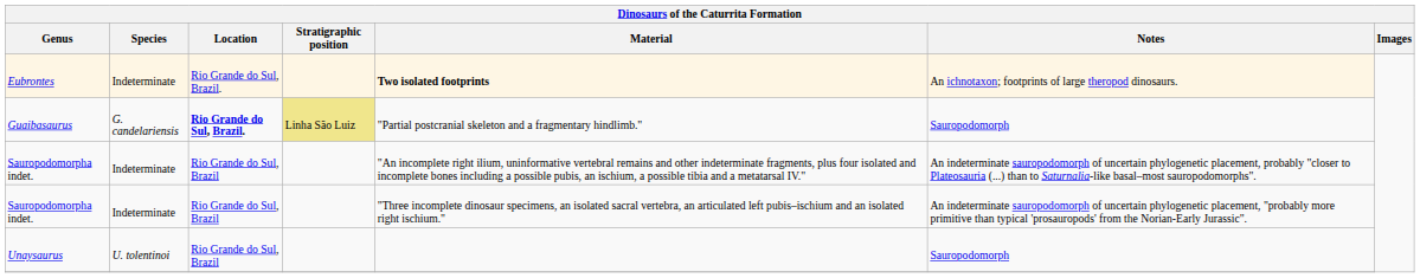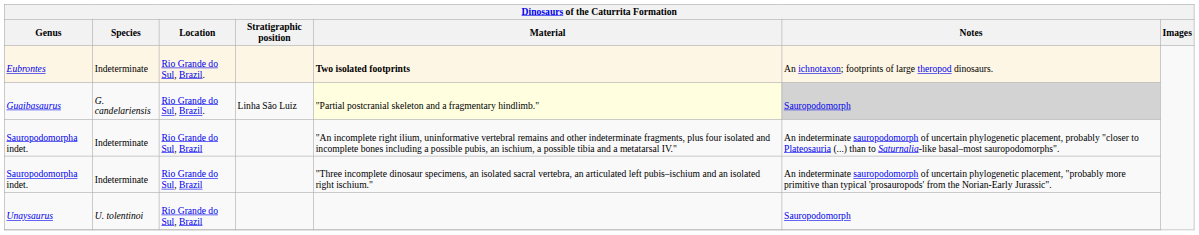 <table class="wikitable" align="center" width="100%">
 <tr>
 <th colspan="7" align="center"><strong><a href='#'>Dinosaurs</a> of the Caturrita Formation</strong></th>
 </tr>
 <tr>
 <th>Genus</th>
 <th>Species</th>
 <th>Location</th>
 <th>Stratigraphic position</th>
 <th>Material</th>
 <th>Notes</th>
 <th>Images</th>
 </tr>
 <tr>
 <td style="background:#FEF6E4;"><br><em><a href='#'>Eubrontes</a></em></td>
 <td style="background:#FEF6E4;"><br>Indeterminate</td>
 <td style="background:#FEF6E4;"><br><a href='#'>Rio Grande do Sul</a>, <a href='#'>Brazil</a>.</td>
 <td style="background:#FEF6E4;"></td>
 <td style="background:#FEF6E4;"><strong><br>Two isolated footprints</strong></td>
 <td style="background:#FEF6E4;"><br>An <a href='#'>ichnotaxon</a>; footprints of large <a href='#'>theropod</a> dinosaurs.</td>
 <td rowspan="99"><br> </td>
 </tr>
 <tr>
 <td><br><em><a href='#'>Guaibasaurus</a></em></td>
 <td><br><em>G. candelariensis</em></td>
-<td><strong><br><a href='#'>Rio Grande do Sul</a>, <a href='#'>Brazil</a>.</strong></td>
-<td style="background: khaki;"><br>Linha São Luiz</td>
-<td><br>"Partial postcranial skeleton and a fragmentary hindlimb."</td>
-<td><br><a href='#'>Sauropodomorph</a></td>
+<td><br><a href='#'>Rio Grande do Sul</a>, <a href='#'>Brazil</a>.</td>
+<td><br>Linha São Luiz</td>
+<td style="background: lightyellow;"><br>"Partial postcranial skeleton and a fragmentary hindlimb."</td>
+<td style="background: lightgrey;"><br><a href='#'>Sauropodomorph</a></td>
 </tr>
 <tr>
 <td><br><a href='#'>Sauropodomorpha</a> indet.</td>
 <td><br>Indeterminate</td>
 <td><br><a href='#'>Rio Grande do Sul</a>, <a href='#'>Brazil</a></td>
 <td></td>
 <td><br>"An incomplete right ilium, uninformative vertebral remains and other indeterminate fragments, plus four isolated and incomplete bones including a possible pubis, an ischium, a possible tibia and a metatarsal IV."</td>
 <td><br>An indeterminate <a href='#'>sauropodomorph</a> of uncertain phylogenetic placement, probably "closer to <a href='#'>Plateosauria</a> (...) than to <em><a href='#'>Saturnalia</a></em>-like basal–most sauropodomorphs".</td>
 </tr>
 <tr>
 <td><br><a href='#'>Sauropodomorpha</a> indet.</td>
 <td><br>Indeterminate</td>
 <td><br><a href='#'>Rio Grande do Sul</a>, <a href='#'>Brazil</a></td>
 <td></td>
 <td><br>"Three incomplete dinosaur specimens, an isolated sacral vertebra, an articulated left pubis–ischium and an isolated right ischium."</td>
 <td><br>An indeterminate <a href='#'>sauropodomorph</a> of uncertain phylogenetic placement, "probably more primitive than typical 'prosauropods' from the Norian-Early Jurassic".</td>
 </tr>
 <tr>
 <td><br><em><a href='#'>Unaysaurus</a></em></td>
 <td><br><em>U. tolentinoi</em></td>
 <td><br><a href='#'>Rio Grande do Sul</a>, <a href='#'>Brazil</a></td>
 <td></td>
 <td></td>
 <td><br><a href='#'>Sauropodomorph</a></td>
 </tr>
 <tr>
 </tr>
 </table>
